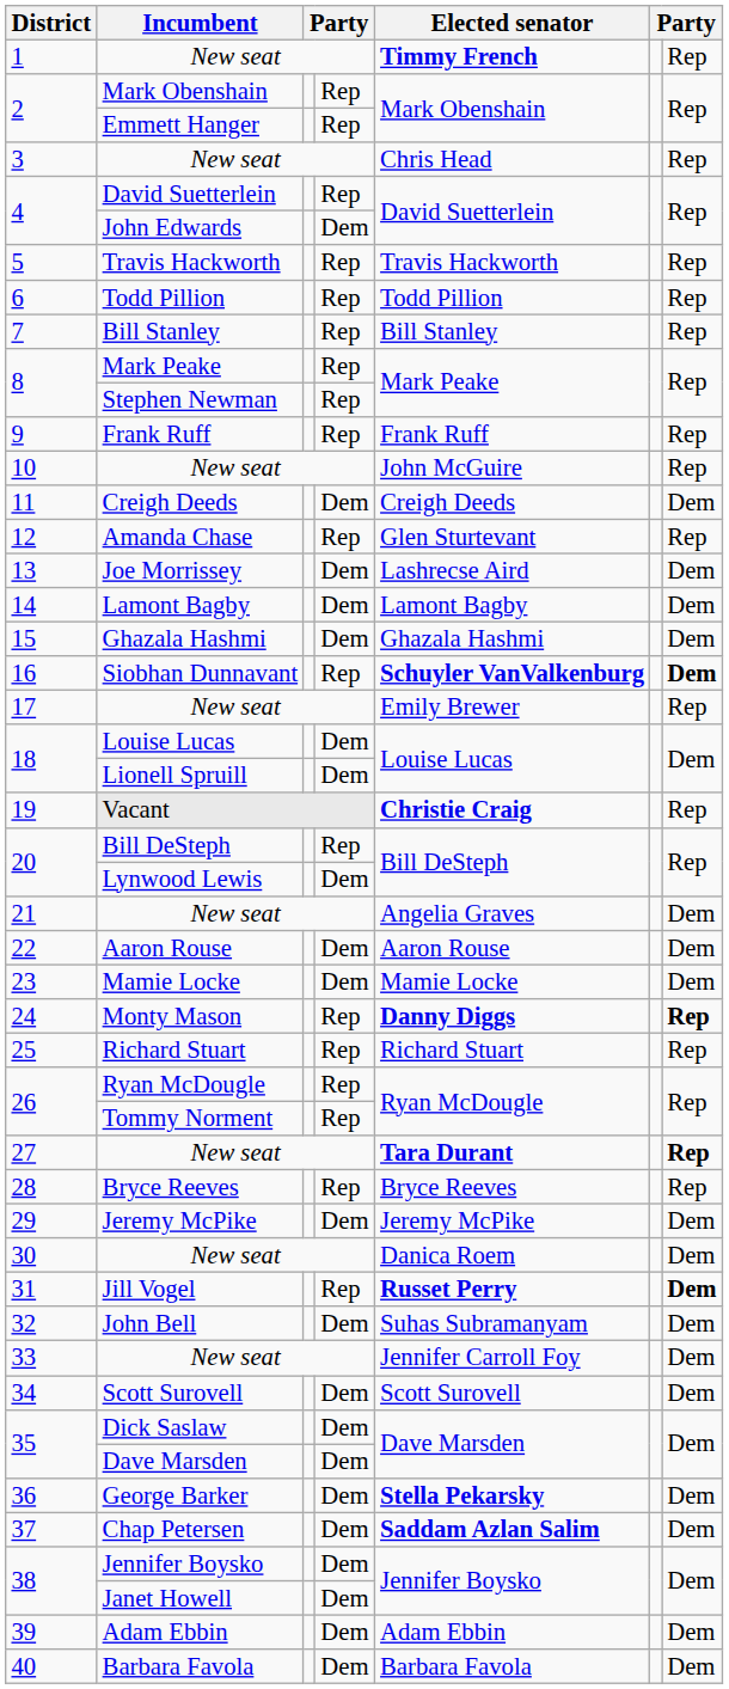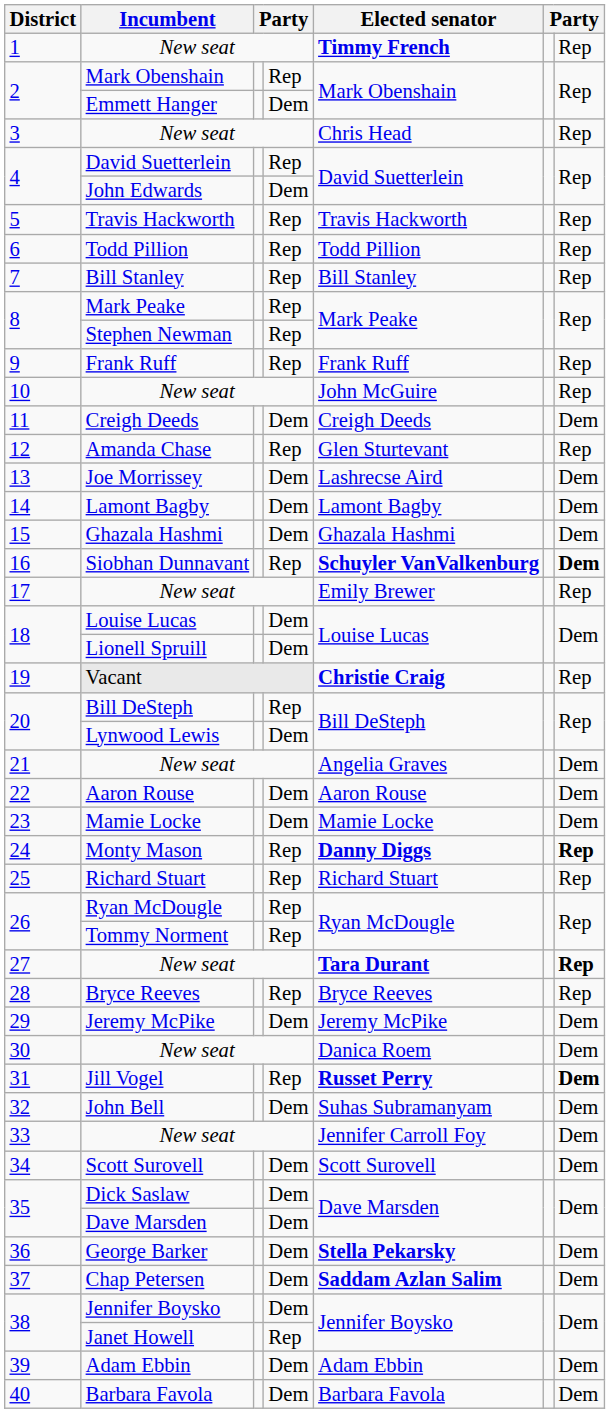 <table class="sortable wikitable" style="font-size:95%;line-height:14px;">
 <tr>
 <th>District</th>
 <th class="unsortable"><a href='#'>Incumbent</a></th>
 <th colspan="2">Party</th>
 <th class="unsortable">Elected senator</th>
 <th colspan="2">Party</th>
 </tr>
 <tr>
 <td><a href='#'>1</a></td>
 <td colspan=3 align=center><em>New seat</em></td>
 <td><strong><a href='#'>Timmy French</a></strong></td>
 <td style="background:"></td>
 <td>Rep</td>
 </tr>
 <tr>
 <td rowspan=2><a href='#'>2</a></td>
 <td><a href='#'>Mark Obenshain</a></td>
 <td style="background:"></td>
 <td>Rep</td>
 <td rowspan=2><a href='#'>Mark Obenshain</a></td>
 <td rowspan=2 style="background:"></td>
 <td rowspan=2>Rep</td>
 </tr>
 <tr>
 <td><a href='#'>Emmett Hanger</a></td>
 <td style="background:"></td>
-<td>Rep</td>
+<td>Dem</td>
 </tr>
 <tr>
 <td><a href='#'>3</a></td>
 <td colspan=3 align=center><em>New seat</em></td>
 <td><a href='#'>Chris Head</a></td>
 <td style="background:"></td>
 <td>Rep</td>
 </tr>
 <tr>
 <td rowspan=2><a href='#'>4</a></td>
 <td><a href='#'>David Suetterlein</a></td>
 <td style="background:"></td>
 <td>Rep</td>
 <td rowspan=2><a href='#'>David Suetterlein</a></td>
 <td rowspan=2 style="background:"></td>
 <td rowspan=2>Rep</td>
 </tr>
 <tr>
 <td><a href='#'>John Edwards</a></td>
 <td style="background:"></td>
 <td>Dem</td>
 </tr>
 <tr>
 <td><a href='#'>5</a></td>
 <td><a href='#'>Travis Hackworth</a></td>
 <td style="background:"></td>
 <td>Rep</td>
 <td><a href='#'>Travis Hackworth</a></td>
 <td style="background:"></td>
 <td>Rep</td>
 </tr>
 <tr>
 <td><a href='#'>6</a></td>
 <td><a href='#'>Todd Pillion</a></td>
 <td style="background:"></td>
 <td>Rep</td>
 <td><a href='#'>Todd Pillion</a></td>
 <td style="background:"></td>
 <td>Rep</td>
 </tr>
 <tr>
 <td><a href='#'>7</a></td>
 <td><a href='#'>Bill Stanley</a></td>
 <td style="background:"></td>
 <td>Rep</td>
 <td><a href='#'>Bill Stanley</a></td>
 <td style="background:"></td>
 <td>Rep</td>
 </tr>
 <tr>
 <td rowspan=2><a href='#'>8</a></td>
 <td><a href='#'>Mark Peake</a></td>
 <td style="background:"></td>
 <td>Rep</td>
 <td rowspan=2><a href='#'>Mark Peake</a></td>
 <td rowspan=2 style="background:"></td>
 <td rowspan=2>Rep</td>
 </tr>
 <tr>
 <td><a href='#'>Stephen Newman</a></td>
 <td style="background:"></td>
 <td>Rep</td>
 </tr>
 <tr>
 <td><a href='#'>9</a></td>
 <td><a href='#'>Frank Ruff</a></td>
 <td style="background:"></td>
 <td>Rep</td>
 <td><a href='#'>Frank Ruff</a></td>
 <td style="background:"></td>
 <td>Rep</td>
 </tr>
 <tr>
 <td><a href='#'>10</a></td>
 <td colspan=3 align=center><em>New seat</em></td>
 <td><a href='#'>John McGuire</a></td>
 <td style="background:"></td>
 <td>Rep</td>
 </tr>
 <tr>
 <td><a href='#'>11</a></td>
 <td><a href='#'>Creigh Deeds</a></td>
 <td style="background:"></td>
 <td>Dem</td>
 <td><a href='#'>Creigh Deeds</a></td>
 <td style="background:"></td>
 <td>Dem</td>
 </tr>
 <tr>
 <td><a href='#'>12</a></td>
 <td><a href='#'>Amanda Chase</a></td>
 <td style="background-color:"></td>
 <td>Rep</td>
 <td><a href='#'>Glen Sturtevant</a></td>
 <td style="background:"></td>
 <td>Rep</td>
 </tr>
 <tr>
 <td><a href='#'>13</a></td>
 <td><a href='#'>Joe Morrissey</a></td>
 <td style="background:"></td>
 <td>Dem</td>
 <td><a href='#'>Lashrecse Aird</a></td>
 <td style="background:"></td>
 <td>Dem</td>
 </tr>
 <tr>
 <td><a href='#'>14</a></td>
 <td><a href='#'>Lamont Bagby</a></td>
 <td style="background:"></td>
 <td>Dem</td>
 <td><a href='#'>Lamont Bagby</a></td>
 <td style="background:"></td>
 <td>Dem</td>
 </tr>
 <tr>
 <td><a href='#'>15</a></td>
 <td><a href='#'>Ghazala Hashmi</a></td>
 <td style="background:"></td>
 <td>Dem</td>
 <td><a href='#'>Ghazala Hashmi</a></td>
 <td style="background:"></td>
 <td>Dem</td>
 </tr>
 <tr>
 <td><a href='#'>16</a></td>
 <td><a href='#'>Siobhan Dunnavant</a></td>
 <td style="background:"></td>
 <td>Rep</td>
 <td><strong><a href='#'>Schuyler VanValkenburg</a></strong></td>
 <td style="background:"></td>
 <td><strong>Dem</strong></td>
 </tr>
 <tr>
 <td><a href='#'>17</a></td>
 <td colspan=3 align=center><em>New seat</em></td>
 <td><a href='#'>Emily Brewer</a></td>
 <td style="background:"></td>
 <td>Rep</td>
 </tr>
 <tr>
 <td rowspan=2><a href='#'>18</a></td>
 <td><a href='#'>Louise Lucas</a></td>
 <td style="background:"></td>
 <td>Dem</td>
 <td rowspan=2><a href='#'>Louise Lucas</a></td>
 <td rowspan=2 style="background:"></td>
 <td rowspan=2>Dem</td>
 </tr>
 <tr>
 <td><a href='#'>Lionell Spruill</a></td>
 <td style="background:"></td>
 <td>Dem</td>
 </tr>
 <tr>
 <td><a href='#'>19</a></td>
 <td colspan=3 style="background:#E9E9E9;">Vacant</td>
 <td><a href='#'><strong>Christie Craig</strong></a></td>
 <td style="background:"></td>
 <td>Rep</td>
 </tr>
 <tr>
 <td rowspan=2><a href='#'>20</a></td>
 <td><a href='#'>Bill DeSteph</a></td>
 <td style="background:"></td>
 <td>Rep</td>
 <td rowspan=2><a href='#'>Bill DeSteph</a></td>
 <td rowspan=2 style="background:"></td>
 <td rowspan=2>Rep</td>
 </tr>
 <tr>
 <td><a href='#'>Lynwood Lewis</a></td>
 <td style="background:"></td>
 <td>Dem</td>
 </tr>
 <tr>
 <td><a href='#'>21</a></td>
 <td colspan=3 align=center><em>New seat</em></td>
 <td><a href='#'>Angelia Graves</a></td>
 <td style="background:"></td>
 <td>Dem</td>
 </tr>
 <tr>
 <td><a href='#'>22</a></td>
 <td><a href='#'>Aaron Rouse</a></td>
 <td style="background:"></td>
 <td>Dem</td>
 <td><a href='#'>Aaron Rouse</a></td>
 <td style="background:"></td>
 <td>Dem</td>
 </tr>
 <tr>
 <td><a href='#'>23</a></td>
 <td><a href='#'>Mamie Locke</a></td>
 <td style="background:"></td>
 <td>Dem</td>
 <td><a href='#'>Mamie Locke</a></td>
 <td style="background:"></td>
 <td>Dem</td>
 </tr>
 <tr>
 <td><a href='#'>24</a></td>
 <td><a href='#'>Monty Mason</a></td>
 <td style="background:"></td>
 <td>Rep</td>
 <td><strong><a href='#'>Danny Diggs</a></strong></td>
 <td style="background:"></td>
 <td><strong>Rep</strong></td>
 </tr>
 <tr>
 <td><a href='#'>25</a></td>
 <td><a href='#'>Richard Stuart</a></td>
 <td style="background:"></td>
 <td>Rep</td>
 <td><a href='#'>Richard Stuart</a></td>
 <td style="background:"></td>
 <td>Rep</td>
 </tr>
 <tr>
 <td rowspan=2><a href='#'>26</a></td>
 <td><a href='#'>Ryan McDougle</a></td>
 <td style="background:"></td>
 <td>Rep</td>
 <td rowspan=2><a href='#'>Ryan McDougle</a></td>
 <td rowspan=2 style="background:"></td>
 <td rowspan=2>Rep</td>
 </tr>
 <tr>
 <td><a href='#'>Tommy Norment</a></td>
 <td style="background:"></td>
 <td>Rep</td>
 </tr>
 <tr>
 <td><a href='#'>27</a></td>
 <td colspan=3 align=center><em>New seat</em></td>
 <td><strong><a href='#'>Tara Durant</a></strong></td>
 <td style="background:"></td>
 <td><strong>Rep</strong></td>
 </tr>
 <tr>
 <td><a href='#'>28</a></td>
 <td><a href='#'>Bryce Reeves</a></td>
 <td style="background:"></td>
 <td>Rep</td>
 <td><a href='#'>Bryce Reeves</a></td>
 <td style="background:"></td>
 <td>Rep</td>
 </tr>
 <tr>
 <td><a href='#'>29</a></td>
 <td><a href='#'>Jeremy McPike</a></td>
 <td style="background:"></td>
 <td>Dem</td>
 <td><a href='#'>Jeremy McPike</a></td>
 <td style="background:"></td>
 <td>Dem</td>
 </tr>
 <tr>
 <td><a href='#'>30</a></td>
 <td colspan=3 align=center><em>New seat</em></td>
 <td><a href='#'>Danica Roem</a></td>
 <td style="background:"></td>
 <td>Dem</td>
 </tr>
 <tr>
 <td><a href='#'>31</a></td>
 <td><a href='#'>Jill Vogel</a></td>
 <td style="background:"></td>
 <td>Rep</td>
 <td><strong><a href='#'>Russet Perry</a></strong></td>
 <td style="background:"></td>
 <td><strong>Dem</strong></td>
 </tr>
 <tr>
 <td><a href='#'>32</a></td>
 <td><a href='#'>John Bell</a></td>
 <td style="background:"></td>
 <td>Dem</td>
 <td><a href='#'>Suhas Subramanyam</a></td>
 <td style="background:"></td>
 <td>Dem</td>
 </tr>
 <tr>
 <td><a href='#'>33</a></td>
 <td colspan=3 align=center><em>New seat</em></td>
 <td><a href='#'>Jennifer Carroll Foy</a></td>
 <td style="background:"></td>
 <td>Dem</td>
 </tr>
 <tr>
 <td><a href='#'>34</a></td>
 <td><a href='#'>Scott Surovell</a></td>
 <td style="background:"></td>
 <td>Dem</td>
 <td><a href='#'>Scott Surovell</a></td>
 <td style="background:"></td>
 <td>Dem</td>
 </tr>
 <tr>
 <td rowspan=2><a href='#'>35</a></td>
 <td><a href='#'>Dick Saslaw</a></td>
 <td style="background:"></td>
 <td>Dem</td>
 <td rowspan=2><a href='#'>Dave Marsden</a></td>
 <td rowspan=2 style="background:"></td>
 <td rowspan=2>Dem</td>
 </tr>
 <tr>
 <td><a href='#'>Dave Marsden</a></td>
 <td style="background:"></td>
 <td>Dem</td>
 </tr>
 <tr>
 <td><a href='#'>36</a></td>
 <td><a href='#'>George Barker</a></td>
 <td style="background:"></td>
 <td>Dem</td>
 <td><strong><a href='#'>Stella Pekarsky</a></strong></td>
 <td style="background:"></td>
 <td>Dem</td>
 </tr>
 <tr>
 <td><a href='#'>37</a></td>
 <td><a href='#'>Chap Petersen</a></td>
 <td style="background:"></td>
 <td>Dem</td>
 <td><strong><a href='#'>Saddam Azlan Salim</a></strong></td>
 <td style="background:"></td>
 <td>Dem</td>
 </tr>
 <tr>
 <td rowspan=2><a href='#'>38</a></td>
 <td><a href='#'>Jennifer Boysko</a></td>
 <td style="background:"></td>
 <td>Dem</td>
 <td rowspan=2><a href='#'>Jennifer Boysko</a></td>
 <td rowspan=2 style="background:"></td>
 <td rowspan=2>Dem</td>
 </tr>
 <tr>
 <td><a href='#'>Janet Howell</a></td>
 <td style="background:"></td>
-<td>Dem</td>
+<td>Rep</td>
 </tr>
 <tr>
 <td><a href='#'>39</a></td>
 <td><a href='#'>Adam Ebbin</a></td>
 <td style="background:"></td>
 <td>Dem</td>
 <td><a href='#'>Adam Ebbin</a></td>
 <td style="background:"></td>
 <td>Dem</td>
 </tr>
 <tr>
 <td><a href='#'>40</a></td>
 <td><a href='#'>Barbara Favola</a></td>
 <td style="background:"></td>
 <td>Dem</td>
 <td><a href='#'>Barbara Favola</a></td>
 <td style="background:"></td>
 <td>Dem</td>
 </tr>
 </table>
